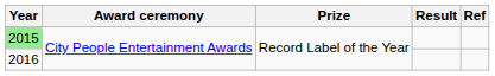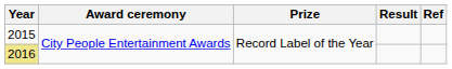 <table class ="wikitable">
 <tr>
 <th>Year</th>
 <th>Award ceremony</th>
 <th>Prize</th>
 <th>Result</th>
 <th>Ref</th>
 </tr>
 <tr>
-<td style="background: lightgreen;">2015</td>
+<td>2015</td>
 <td rowspan="2"><a href='#'>City People Entertainment Awards</a></td>
 <td rowspan="2">Record Label of the Year</td>
 <td></td>
 <td></td>
 </tr>
 <tr>
-<td>2016</td>
+<td style="background: khaki;">2016</td>
 <td></td>
 <td></td>
 </tr>
 </table>
